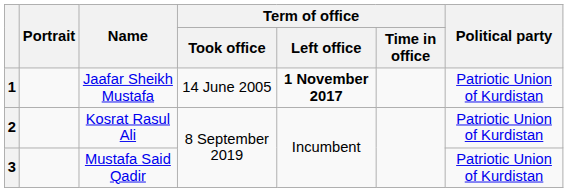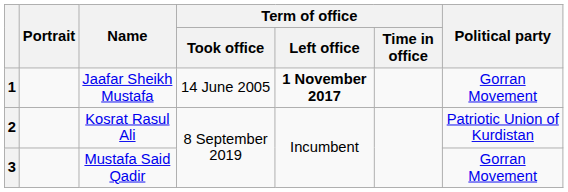 <table class="wikitable" style="text-align:center">
 <tr>
 <th rowspan=2></th>
 <th rowspan=2>Portrait</th>
 <th rowspan=2>Name<br></th>
 <th colspan=3>Term of office</th>
 <th rowspan=2>Political party</th>
 </tr>
 <tr>
 <th>Took office</th>
 <th>Left office</th>
 <th>Time in office</th>
 </tr>
 <tr>
 <th style="background:">1</th>
 <td></td>
 <td><a href='#'>Jaafar Sheikh Mustafa</a><br></td>
 <td>14 June 2005</td>
 <td><strong>1 November 2017</strong></td>
 <td></td>
-<td><a href='#'>Patriotic Union of Kurdistan</a></td>
+<td><a href='#'>Gorran Movement</a></td>
 </tr>
 <tr>
 <th style="background:">2</th>
 <td></td>
 <td><a href='#'>Kosrat Rasul Ali</a><br></td>
 <td rowspan=2>8 September 2019</td>
 <td rowspan=2>Incumbent</td>
 <td rowspan=2></td>
 <td><a href='#'>Patriotic Union of Kurdistan</a></td>
 </tr>
 <tr>
 <th style="background:">3</th>
 <td></td>
 <td><a href='#'>Mustafa Said Qadir</a><br></td>
-<td><a href='#'>Patriotic Union of Kurdistan</a></td>
+<td><a href='#'>Gorran Movement</a></td>
 </tr>
 </table>
